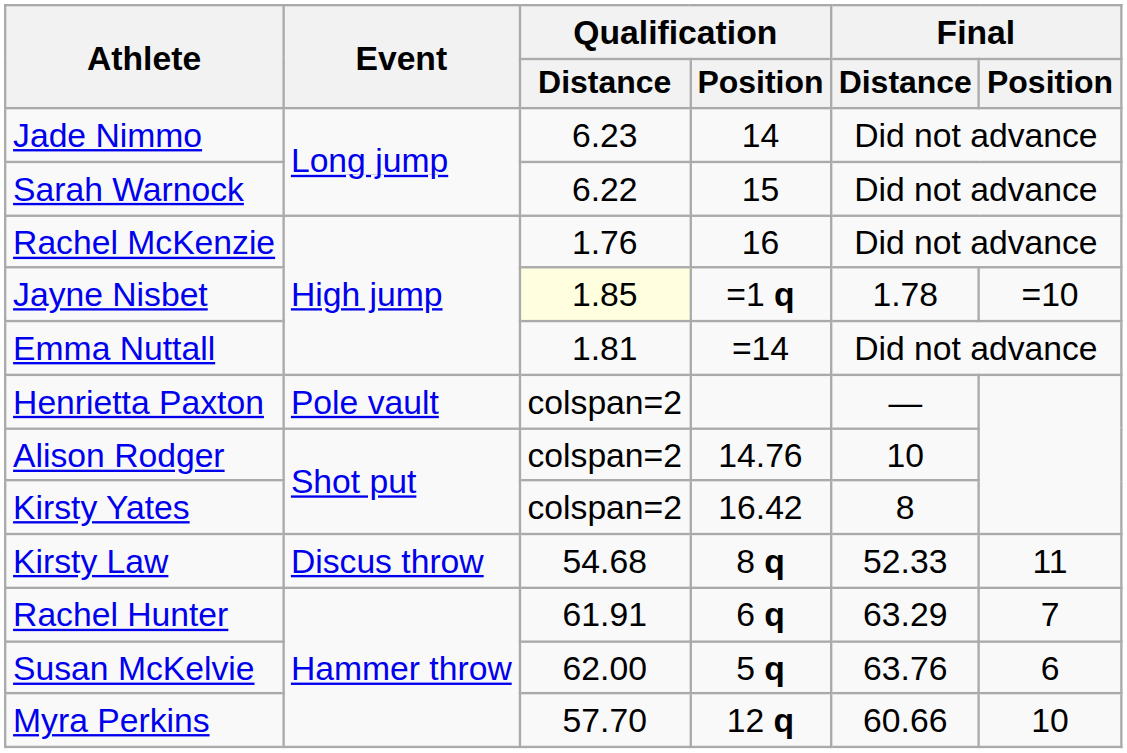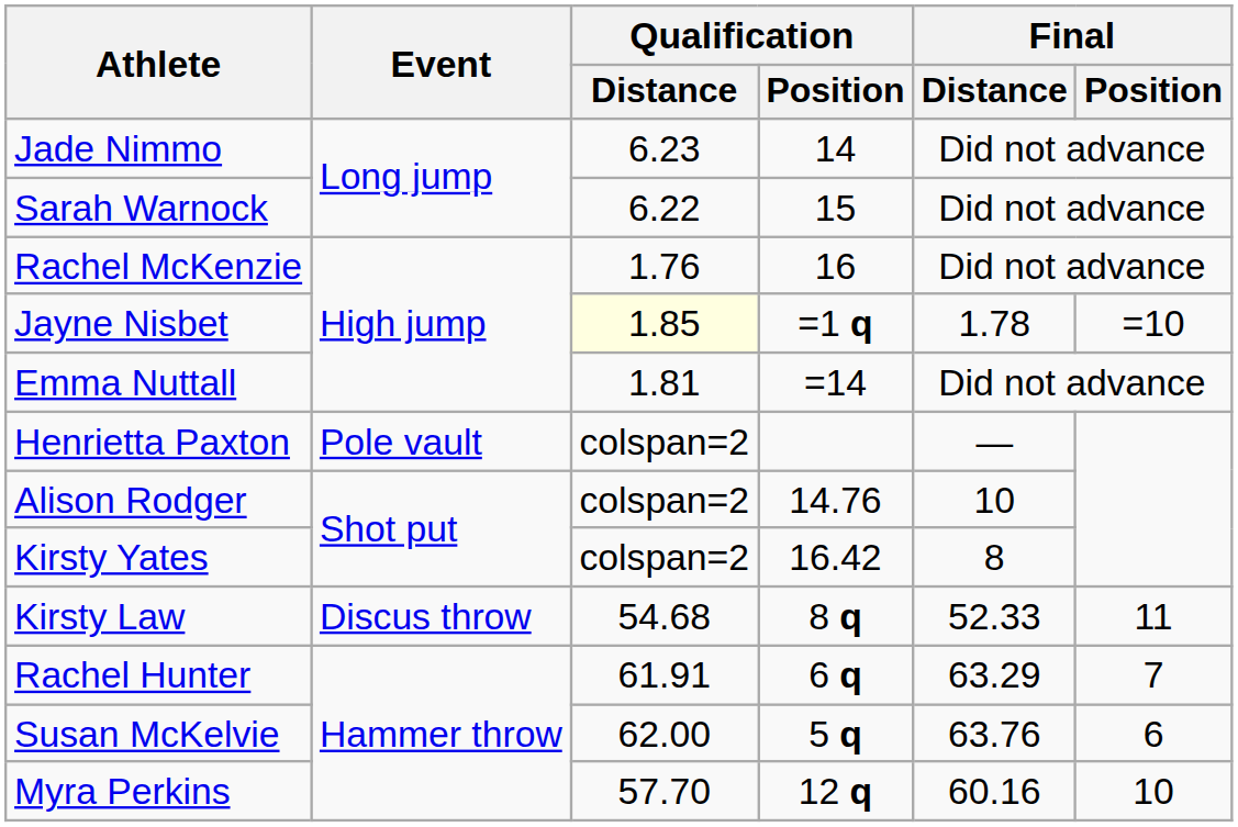 <table class=wikitable style="font-size:90%">
 <tr>
 <th rowspan=2>Athlete</th>
 <th rowspan=2>Event</th>
 <th colspan=2>Qualification</th>
 <th colspan=2>Final</th>
 </tr>
 <tr style="font-size:95%">
 <th>Distance</th>
 <th>Position</th>
 <th>Distance</th>
 <th>Position</th>
 </tr>
 <tr align=center>
 <td align=left><a href='#'>Jade Nimmo</a></td>
 <td align=left rowspan=2><a href='#'>Long jump</a></td>
 <td>6.23</td>
 <td>14</td>
 <td colspan=2>Did not advance</td>
 </tr>
 <tr align=center>
 <td align=left><a href='#'>Sarah Warnock</a></td>
 <td>6.22</td>
 <td>15</td>
 <td colspan=2>Did not advance</td>
 </tr>
 <tr align=center>
 <td align=left><a href='#'>Rachel McKenzie</a></td>
 <td align=left rowspan=3><a href='#'>High jump</a></td>
 <td>1.76</td>
 <td>16</td>
 <td colspan=2>Did not advance</td>
 </tr>
 <tr align=center>
 <td align=left><a href='#'>Jayne Nisbet</a></td>
 <td style="background: lightyellow;">1.85</td>
 <td>=1 <strong>q</strong></td>
 <td>1.78</td>
 <td>=10</td>
 </tr>
 <tr align=center>
 <td align=left><a href='#'>Emma Nuttall</a></td>
 <td>1.81</td>
 <td>=14</td>
 <td colspan=2>Did not advance</td>
 </tr>
 <tr align=center>
 <td align=left><a href='#'>Henrietta Paxton</a></td>
 <td align=left><a href='#'>Pole vault</a></td>
 <td>colspan=2 </td>
 <td></td>
 <td>—</td>
 </tr>
 <tr align=center>
 <td align=left><a href='#'>Alison Rodger</a></td>
 <td align=left rowspan=2><a href='#'>Shot put</a></td>
 <td>colspan=2 </td>
 <td>14.76</td>
 <td>10</td>
 </tr>
 <tr align=center>
 <td align=left><a href='#'>Kirsty Yates</a></td>
 <td>colspan=2 </td>
 <td>16.42</td>
 <td>8</td>
 </tr>
 <tr align=center>
 <td align=left><a href='#'>Kirsty Law</a></td>
 <td align=left><a href='#'>Discus throw</a></td>
 <td>54.68</td>
 <td>8 <strong>q</strong></td>
 <td>52.33</td>
 <td>11</td>
 </tr>
 <tr align=center>
 <td align=left><a href='#'>Rachel Hunter</a></td>
 <td align=left rowspan=3><a href='#'>Hammer throw</a></td>
 <td>61.91</td>
 <td>6 <strong>q</strong></td>
 <td>63.29</td>
 <td>7</td>
 </tr>
 <tr align=center>
 <td align=left><a href='#'>Susan McKelvie</a></td>
 <td>62.00</td>
 <td>5 <strong>q</strong></td>
 <td>63.76</td>
 <td>6</td>
 </tr>
 <tr align=center>
 <td align=left><a href='#'>Myra Perkins</a></td>
 <td>57.70</td>
 <td>12 <strong>q</strong></td>
-<td>60.66</td>
+<td>60.16</td>
 <td>10</td>
 </tr>
 </table>
